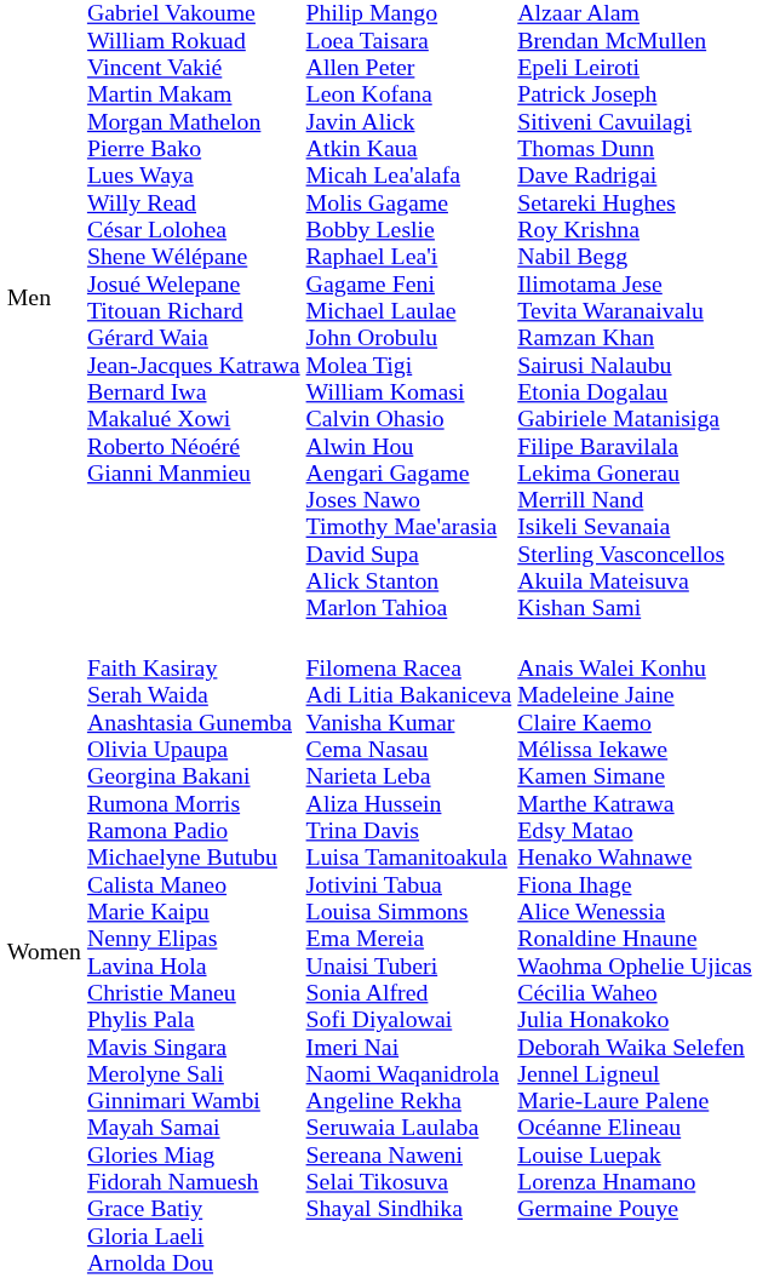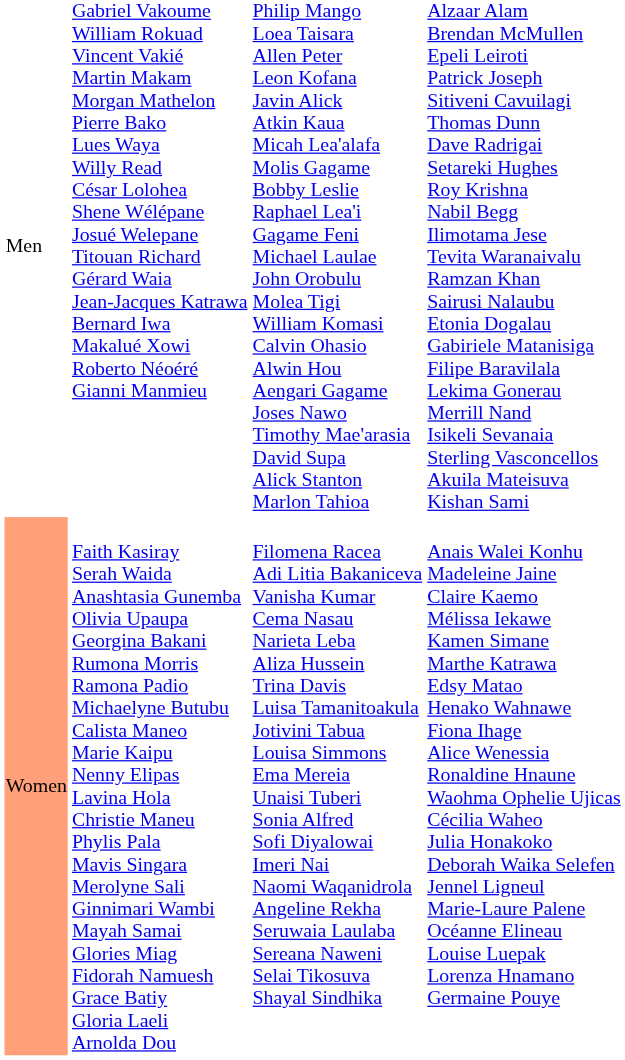 <table>
 <tr>
 <td>Men<br></td>
 <td valign=top><br><a href='#'>Gabriel Vakoume</a><br><a href='#'>William Rokuad</a><br><a href='#'>Vincent Vakié</a><br><a href='#'>Martin Makam</a><br><a href='#'>Morgan Mathelon</a><br><a href='#'>Pierre Bako</a><br><a href='#'>Lues Waya</a><br><a href='#'>Willy Read</a><br><a href='#'>César Lolohea</a><br><a href='#'>Shene Wélépane</a><br><a href='#'>Josué Welepane</a><br><a href='#'>Titouan Richard</a><br><a href='#'>Gérard Waia</a><br><a href='#'>Jean-Jacques Katrawa</a><br><a href='#'>Bernard Iwa</a><br><a href='#'>Makalué Xowi</a><br><a href='#'>Roberto Néoéré</a><br><a href='#'>Gianni Manmieu</a></td>
 <td valign=top><br><a href='#'>Philip Mango</a><br><a href='#'>Loea Taisara</a><br><a href='#'>Allen Peter</a><br><a href='#'>Leon Kofana</a><br><a href='#'>Javin Alick</a><br><a href='#'>Atkin Kaua</a><br><a href='#'>Micah Lea'alafa</a><br><a href='#'>Molis Gagame</a><br><a href='#'>Bobby Leslie</a><br><a href='#'>Raphael Lea'i</a><br><a href='#'>Gagame Feni</a><br><a href='#'>Michael Laulae</a><br><a href='#'>John Orobulu</a><br><a href='#'>Molea Tigi</a><br><a href='#'>William Komasi</a><br><a href='#'>Calvin Ohasio</a><br><a href='#'>Alwin Hou</a><br><a href='#'>Aengari Gagame</a><br><a href='#'>Joses Nawo</a><br><a href='#'>Timothy Mae'arasia</a><br><a href='#'>David Supa</a><br><a href='#'>Alick Stanton</a><br><a href='#'>Marlon Tahioa</a></td>
 <td valign=top><br><a href='#'>Alzaar Alam</a><br><a href='#'>Brendan McMullen</a><br><a href='#'>Epeli Leiroti</a><br><a href='#'>Patrick Joseph</a><br><a href='#'>Sitiveni Cavuilagi</a><br><a href='#'>Thomas Dunn</a><br><a href='#'>Dave Radrigai</a><br><a href='#'>Setareki Hughes</a><br><a href='#'>Roy Krishna</a><br><a href='#'>Nabil Begg</a><br><a href='#'>Ilimotama Jese</a><br><a href='#'>Tevita Waranaivalu</a><br><a href='#'>Ramzan Khan</a><br><a href='#'>Sairusi Nalaubu</a><br><a href='#'>Etonia Dogalau</a><br><a href='#'>Gabiriele Matanisiga</a><br><a href='#'>Filipe Baravilala</a><br><a href='#'>Lekima Gonerau</a><br><a href='#'>Merrill Nand</a><br><a href='#'>Isikeli Sevanaia</a><br><a href='#'>Sterling Vasconcellos</a><br><a href='#'>Akuila Mateisuva</a><br><a href='#'>Kishan Sami</a></td>
 </tr>
 <tr>
-<td>Women<br></td>
+<td style="background: lightsalmon;">Women<br></td>
 <td valign=top><br><a href='#'>Faith Kasiray</a><br><a href='#'>Serah Waida</a><br><a href='#'>Anashtasia Gunemba</a><br><a href='#'>Olivia Upaupa</a><br><a href='#'>Georgina Bakani</a><br><a href='#'>Rumona Morris</a><br><a href='#'>Ramona Padio</a><br><a href='#'>Michaelyne Butubu</a><br><a href='#'>Calista Maneo</a><br><a href='#'>Marie Kaipu</a><br><a href='#'>Nenny Elipas</a><br><a href='#'>Lavina Hola</a><br><a href='#'>Christie Maneu</a><br><a href='#'>Phylis Pala</a><br><a href='#'>Mavis Singara</a><br><a href='#'>Merolyne Sali</a><br><a href='#'>Ginnimari Wambi</a><br><a href='#'>Mayah Samai</a><br><a href='#'>Glories Miag</a><br><a href='#'>Fidorah Namuesh</a><br><a href='#'>Grace Batiy</a><br><a href='#'>Gloria Laeli</a><br><a href='#'>Arnolda Dou</a></td>
 <td valign=top><br><a href='#'>Filomena Racea</a><br><a href='#'>Adi Litia Bakaniceva</a><br><a href='#'>Vanisha Kumar</a><br><a href='#'>Cema Nasau</a><br><a href='#'>Narieta Leba</a><br><a href='#'>Aliza Hussein</a><br><a href='#'>Trina Davis</a><br><a href='#'>Luisa Tamanitoakula</a><br><a href='#'>Jotivini Tabua</a><br><a href='#'>Louisa Simmons</a><br><a href='#'>Ema Mereia</a><br><a href='#'>Unaisi Tuberi</a><br><a href='#'>Sonia Alfred</a><br><a href='#'>Sofi Diyalowai</a><br><a href='#'>Imeri Nai</a><br><a href='#'>Naomi Waqanidrola</a><br><a href='#'>Angeline Rekha</a><br><a href='#'>Seruwaia Laulaba</a><br><a href='#'>Sereana Naweni</a><br><a href='#'>Selai Tikosuva</a><br><a href='#'>Shayal Sindhika</a></td>
 <td valign=top><br><a href='#'>Anais Walei Konhu</a><br><a href='#'>Madeleine Jaine</a><br><a href='#'>Claire Kaemo</a><br><a href='#'>Mélissa Iekawe</a><br><a href='#'>Kamen Simane</a><br><a href='#'>Marthe Katrawa</a><br><a href='#'>Edsy Matao</a><br><a href='#'>Henako Wahnawe</a><br><a href='#'>Fiona Ihage</a><br><a href='#'>Alice Wenessia</a><br><a href='#'>Ronaldine Hnaune</a><br><a href='#'>Waohma Ophelie Ujicas</a><br><a href='#'>Cécilia Waheo</a><br><a href='#'>Julia Honakoko</a><br><a href='#'>Deborah Waika Selefen</a><br><a href='#'>Jennel Ligneul</a><br><a href='#'>Marie-Laure Palene</a><br><a href='#'>Océanne Elineau</a><br><a href='#'>Louise Luepak</a><br><a href='#'>Lorenza Hnamano</a><br><a href='#'>Germaine Pouye</a></td>
 </tr>
 </table>
